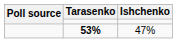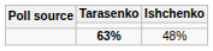 <table class="wikitable" style="text-align:center; font-size:90%; line-height:14px">
 <tr>
 <th rowspan=2>Poll source</th>
 <th>Tarasenko</th>
 <th>Ishchenko</th>
 </tr>
 <tr>
 <td bgcolor=></td>
 <td bgcolor=></td>
 </tr>
 <tr>
 <td></td>
-<td><strong>53%</strong></td>
-<td>47%</td>
+<td><strong>63%</strong></td>
+<td>48%</td>
 </tr>
 </table>
